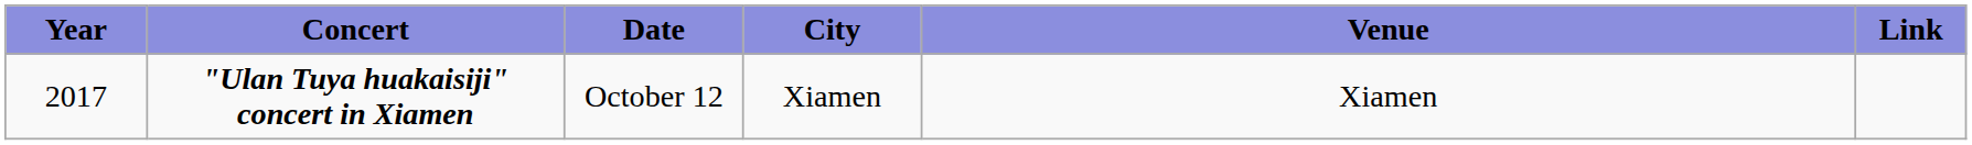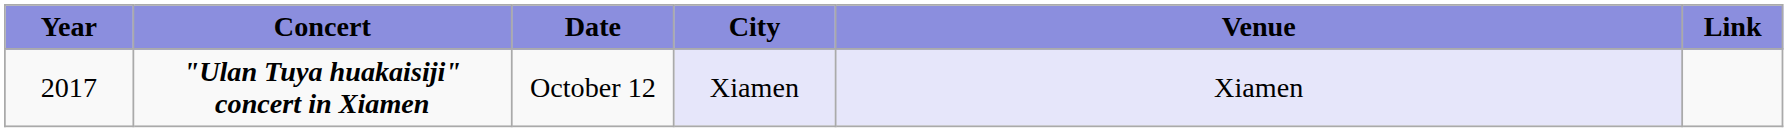 <table class="wikitable sortable mw-collapsible" width="80%" style="text-align:center">
 <tr align="center" style="background:#8B8EDE">
 <td style="width:2%"><strong>Year</strong></td>
 <td style="width:8%"><strong>Concert</strong></td>
 <td style="width:2%"><strong>Date</strong></td>
 <td style="width:2%"><strong>City</strong></td>
 <td style="width:18%"><strong>Venue</strong></td>
 <td style="width:1%"><strong>Link</strong></td>
 </tr>
 <tr>
 <td rowspan="2">2017</td>
 <td rowspan="2"><strong><em>"Ulan Tuya huakaisiji" concert in Xiamen</em></strong></td>
 <td>October 12</td>
-<td>Xiamen</td>
-<td>Xiamen</td>
+<td style="background: lavender;">Xiamen</td>
+<td style="background: lavender;">Xiamen</td>
 <td></td>
 </tr>
 </table>
